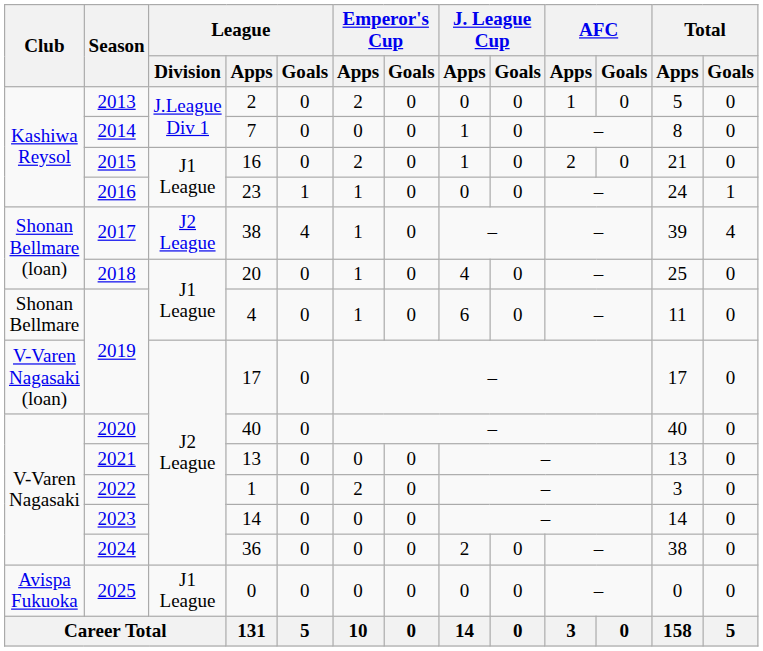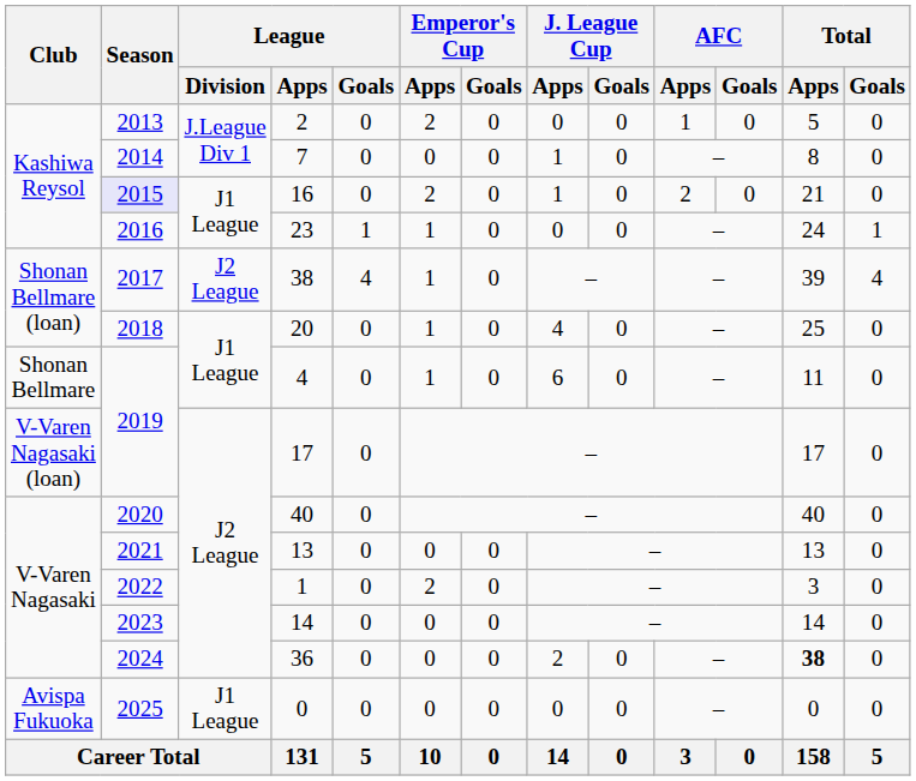 <table class="wikitable" style="text-align:center;">
 <tr>
 <th rowspan="2">Club</th>
 <th rowspan="2">Season</th>
 <th colspan="3">League</th>
 <th colspan="2"><a href='#'>Emperor's Cup</a></th>
 <th colspan="2"><a href='#'>J. League Cup</a></th>
 <th colspan="2"><a href='#'>AFC</a></th>
 <th colspan="2">Total</th>
 </tr>
 <tr>
 <th>Division</th>
 <th>Apps</th>
 <th>Goals</th>
 <th>Apps</th>
 <th>Goals</th>
 <th>Apps</th>
 <th>Goals</th>
 <th>Apps</th>
 <th>Goals</th>
 <th>Apps</th>
 <th>Goals</th>
 </tr>
 <tr>
 <td rowspan="4"><a href='#'>Kashiwa Reysol</a></td>
 <td><a href='#'>2013</a></td>
 <td rowspan="2"><a href='#'>J.League Div 1</a></td>
 <td>2</td>
 <td>0</td>
 <td>2</td>
 <td>0</td>
 <td>0</td>
 <td>0</td>
 <td>1</td>
 <td>0</td>
 <td>5</td>
 <td>0</td>
 </tr>
 <tr>
 <td><a href='#'>2014</a></td>
 <td>7</td>
 <td>0</td>
 <td>0</td>
 <td>0</td>
 <td>1</td>
 <td>0</td>
 <td colspan="2">–</td>
 <td>8</td>
 <td>0</td>
 </tr>
 <tr>
-<td><a href='#'>2015</a></td>
+<td style="background: lavender;"><a href='#'>2015</a></td>
 <td rowspan="2">J1 League</td>
 <td>16</td>
 <td>0</td>
 <td>2</td>
 <td>0</td>
 <td>1</td>
 <td>0</td>
 <td>2</td>
 <td>0</td>
 <td>21</td>
 <td>0</td>
 </tr>
 <tr>
 <td><a href='#'>2016</a></td>
 <td>23</td>
 <td>1</td>
 <td>1</td>
 <td>0</td>
 <td>0</td>
 <td>0</td>
 <td colspan="2">–</td>
 <td>24</td>
 <td>1</td>
 </tr>
 <tr>
 <td rowspan="2"><a href='#'>Shonan Bellmare</a> (loan)</td>
 <td><a href='#'>2017</a></td>
 <td><a href='#'>J2 League</a></td>
 <td>38</td>
 <td>4</td>
 <td>1</td>
 <td>0</td>
 <td colspan="2">–</td>
 <td colspan="2">–</td>
 <td>39</td>
 <td>4</td>
 </tr>
 <tr>
 <td><a href='#'>2018</a></td>
 <td rowspan="2">J1 League</td>
 <td>20</td>
 <td>0</td>
 <td>1</td>
 <td>0</td>
 <td>4</td>
 <td>0</td>
 <td colspan="2">–</td>
 <td>25</td>
 <td>0</td>
 </tr>
 <tr>
 <td>Shonan Bellmare</td>
 <td rowspan="2"><a href='#'>2019</a></td>
 <td>4</td>
 <td>0</td>
 <td>1</td>
 <td>0</td>
 <td>6</td>
 <td>0</td>
 <td colspan="2">–</td>
 <td>11</td>
 <td>0</td>
 </tr>
 <tr>
 <td><a href='#'>V-Varen Nagasaki</a> (loan)</td>
 <td rowspan="6">J2 League</td>
 <td>17</td>
 <td>0</td>
 <td colspan="6">–</td>
 <td>17</td>
 <td>0</td>
 </tr>
 <tr>
 <td rowspan="5">V-Varen Nagasaki</td>
 <td><a href='#'>2020</a></td>
 <td>40</td>
 <td>0</td>
 <td colspan="6">–</td>
 <td>40</td>
 <td>0</td>
 </tr>
 <tr>
 <td><a href='#'>2021</a></td>
 <td>13</td>
 <td>0</td>
 <td>0</td>
 <td>0</td>
 <td colspan="4">–</td>
 <td>13</td>
 <td>0</td>
 </tr>
 <tr>
 <td><a href='#'>2022</a></td>
 <td>1</td>
 <td>0</td>
 <td>2</td>
 <td>0</td>
 <td colspan="4">–</td>
 <td>3</td>
 <td>0</td>
 </tr>
 <tr>
 <td><a href='#'>2023</a></td>
 <td>14</td>
 <td>0</td>
 <td>0</td>
 <td>0</td>
 <td colspan="4">–</td>
 <td>14</td>
 <td>0</td>
 </tr>
 <tr>
 <td><a href='#'>2024</a></td>
 <td>36</td>
 <td>0</td>
 <td>0</td>
 <td>0</td>
 <td>2</td>
 <td>0</td>
 <td colspan="2">–</td>
-<td>38</td>
+<td><strong>38</strong></td>
 <td>0</td>
 </tr>
 <tr>
 <td><a href='#'>Avispa Fukuoka</a></td>
 <td><a href='#'>2025</a></td>
 <td>J1 League</td>
 <td>0</td>
 <td>0</td>
 <td>0</td>
 <td>0</td>
 <td>0</td>
 <td>0</td>
 <td colspan="2">–</td>
 <td>0</td>
 <td>0</td>
 </tr>
 <tr>
 <th colspan="3">Career Total</th>
 <th>131</th>
 <th>5</th>
 <th>10</th>
 <th>0</th>
 <th>14</th>
 <th>0</th>
 <th>3</th>
 <th>0</th>
 <th>158</th>
 <th>5</th>
 </tr>
 </table>
